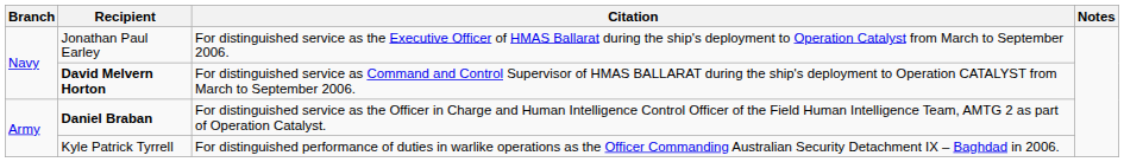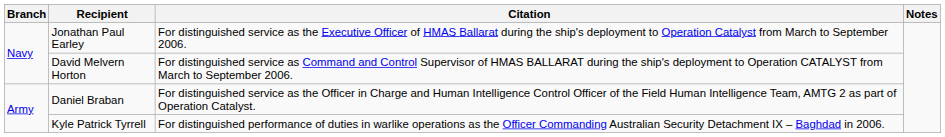 <table class="wikitable" style="font-size:95%;">
 <tr>
 <th>Branch</th>
 <th>Recipient</th>
 <th>Citation</th>
 <th>Notes</th>
 </tr>
 <tr>
 <td rowspan=2><a href='#'>Navy</a></td>
 <td> Jonathan Paul Earley</td>
 <td>For distinguished service as the <a href='#'>Executive Officer</a> of <a href='#'>HMAS Ballarat</a> during the ship's deployment to <a href='#'>Operation Catalyst</a> from March to September 2006.</td>
 <td rowspan=4></td>
 </tr>
 <tr>
-<td><strong> David Melvern Horton</strong></td>
+<td> David Melvern Horton</td>
 <td>For distinguished service as <a href='#'>Command and Control</a> Supervisor of HMAS BALLARAT during the ship's deployment to Operation CATALYST from March to September 2006.</td>
 </tr>
 <tr>
 <td rowspan=2><a href='#'>Army</a></td>
-<td><strong> Daniel Braban</strong></td>
+<td> Daniel Braban</td>
 <td>For distinguished service as the Officer in Charge and Human Intelligence Control Officer of the Field Human Intelligence Team, AMTG 2 as part of Operation Catalyst.</td>
 </tr>
 <tr>
 <td> Kyle Patrick Tyrrell</td>
 <td>For distinguished performance of duties in warlike operations as the <a href='#'>Officer Commanding</a> Australian Security Detachment IX – <a href='#'>Baghdad</a> in 2006.</td>
 </tr>
 </table>
